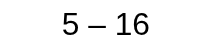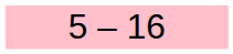 <table style="text-align:center">
 <tr>
 <th width=200></th>
 <th width=100></th>
 <th width=200></th>
 </tr>
 <tr>
 <td align=right></td>
-<td>5 – 16</td>
+<td style="background: pink;">5 – 16</td>
 <td align=left><strong></strong></td>
 </tr>
 </table>
